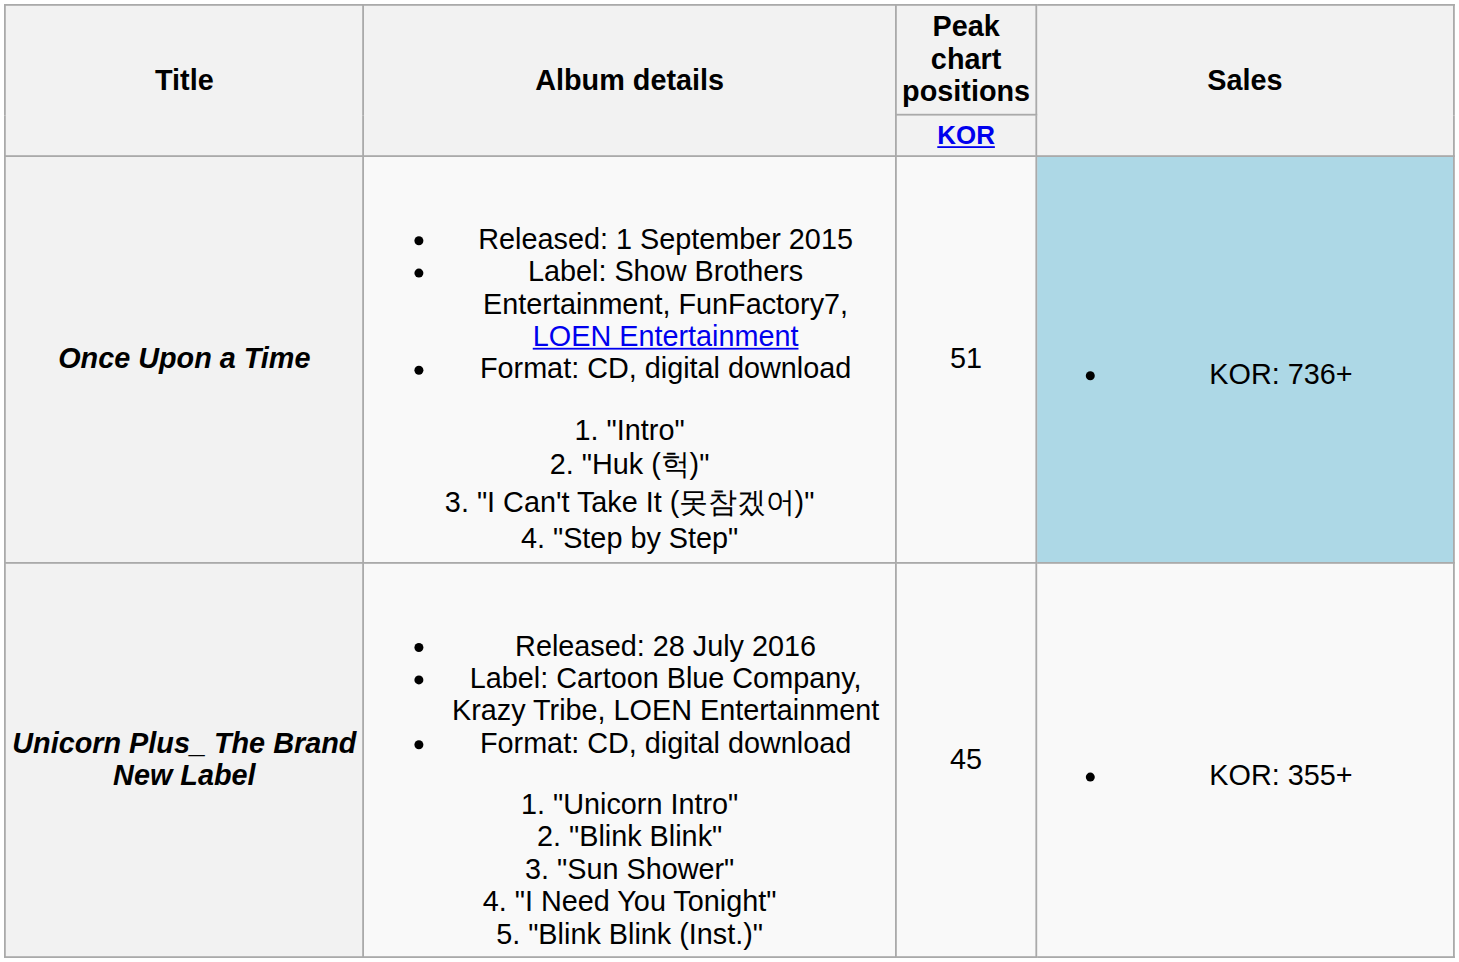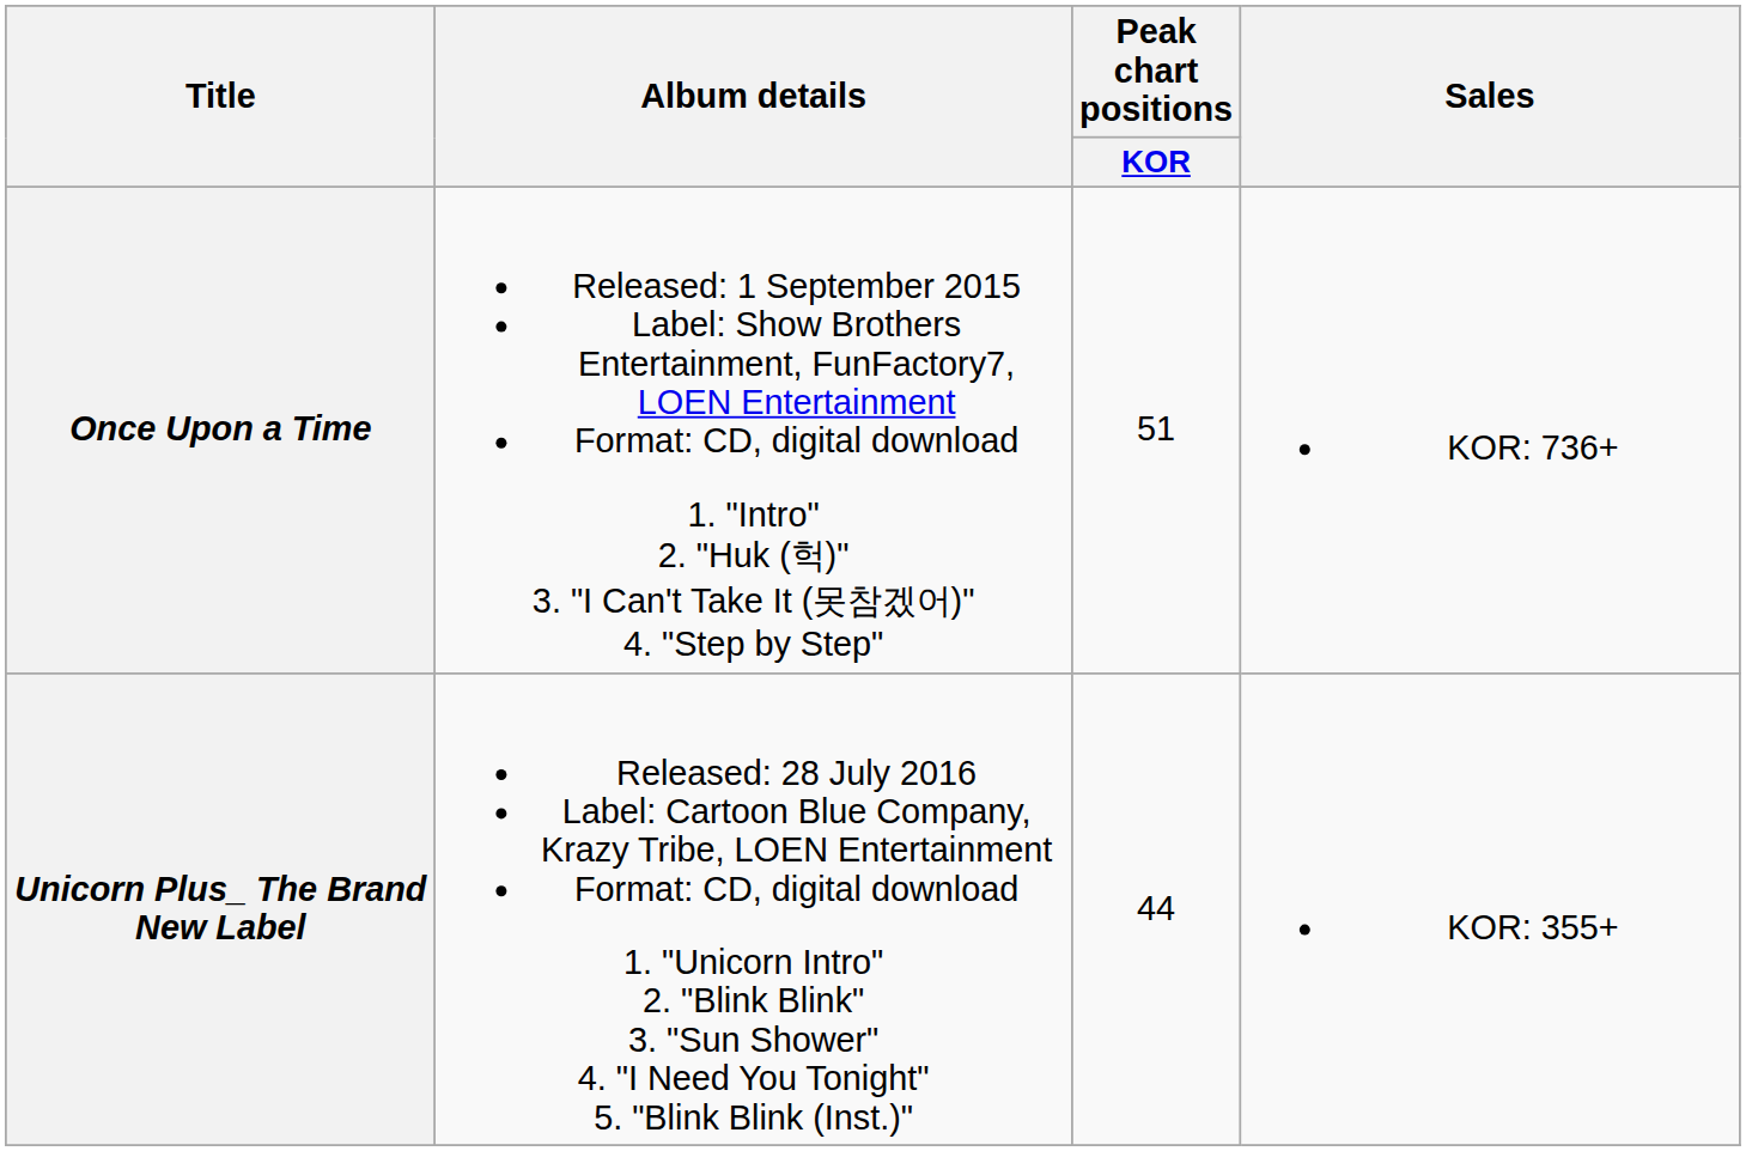 <table class="wikitable plainrowheaders" style="text-align:center;">
 <tr>
 <th rowspan="2" style="width:12em;">Title</th>
 <th rowspan="2" style="width:18em;">Album details</th>
 <th colspan="1">Peak chart positions</th>
 <th rowspan="2" style="width:14em;">Sales</th>
 </tr>
 <tr>
 <th scope="col" style="width:3em;font-size:90%;"><a href='#'>KOR</a></th>
 </tr>
 <tr>
 <th scope="row"><em>Once Upon a Time</em></th>
 <td><br><ul><li>Released: 1 September 2015</li><li>Label: Show Brothers Entertainment, FunFactory7, <a href='#'>LOEN Entertainment</a></li><li>Format: CD, digital download</li></ul> 1. "Intro"<br> 2. "Huk (헉)"<br> 3. "I Can't Take It (못참겠어)"<br> 4. "Step by Step" </td>
 <td>51</td>
-<td style="background: lightblue;"><br><ul><li>KOR: 736+</li></ul></td>
+<td><br><ul><li>KOR: 736+</li></ul></td>
 </tr>
 <tr>
 <th scope="row"><em>Unicorn Plus_ The Brand New Label</em></th>
 <td><br><ul><li>Released: 28 July 2016</li><li>Label: Cartoon Blue Company, Krazy Tribe, LOEN Entertainment</li><li>Format: CD, digital download</li></ul> 1. "Unicorn Intro"<br> 2. "Blink Blink"<br> 3. "Sun Shower"<br> 4. "I Need You Tonight"<br> 5. "Blink Blink (Inst.)" </td>
-<td>45</td>
+<td>44</td>
 <td><br><ul><li>KOR: 355+</li></ul></td>
 </tr>
 </table>
